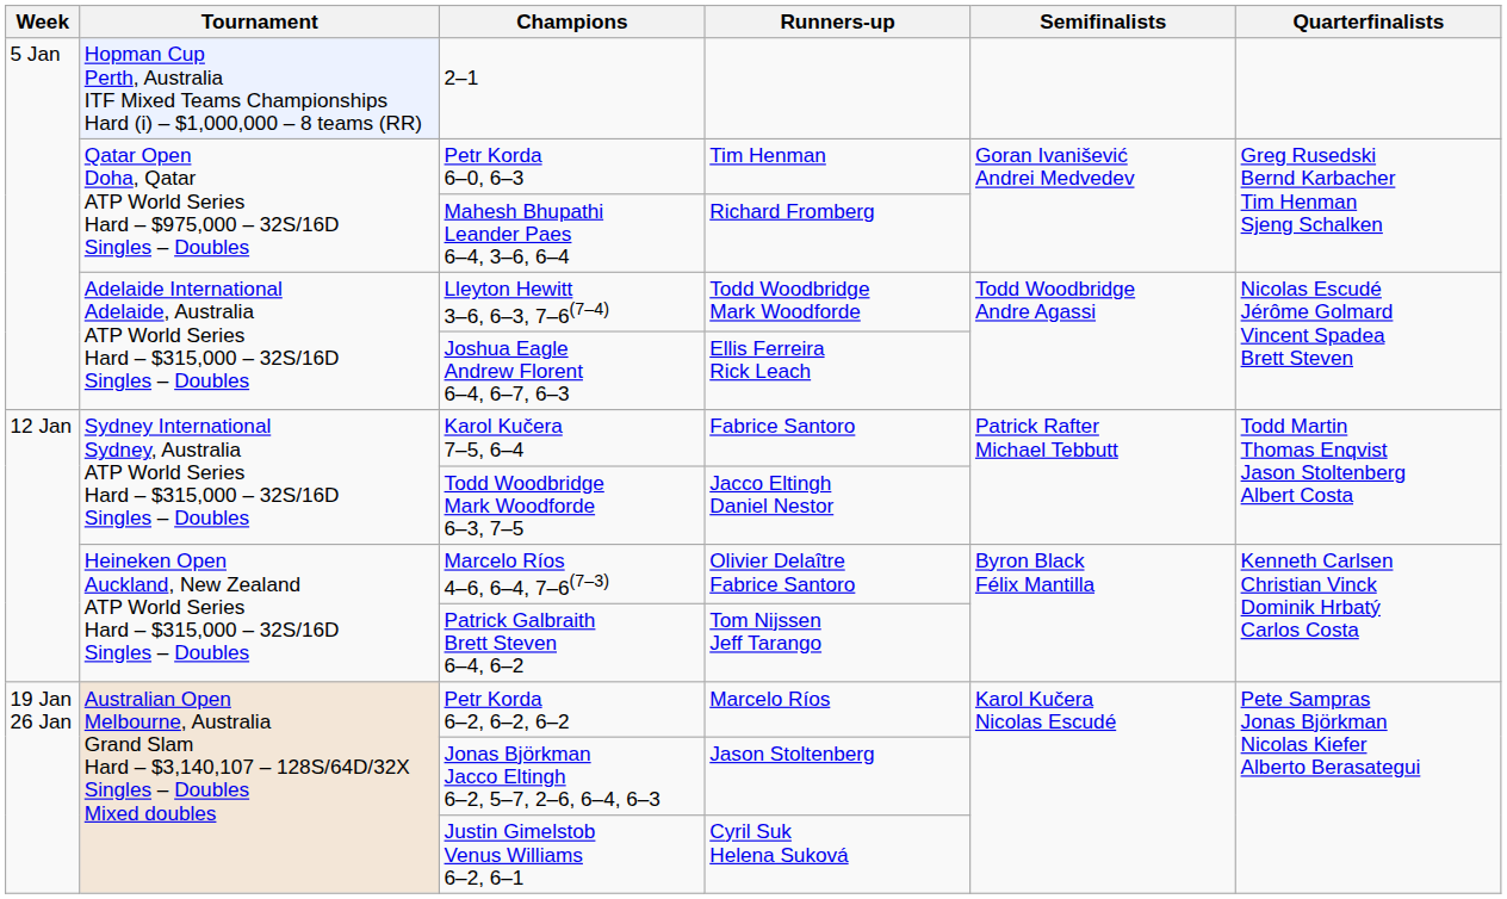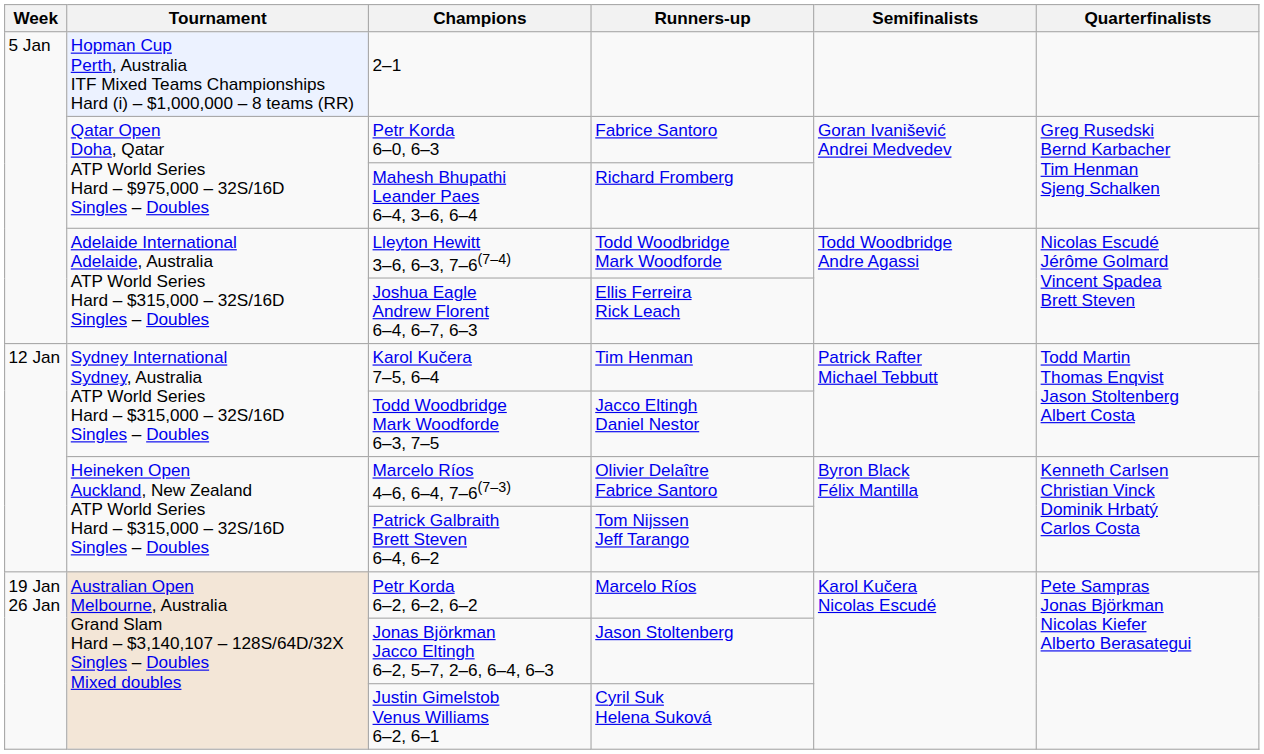 <table class=wikitable style=font-size:95%>
 <tr>
 <th style="width:48px;">Week</th>
 <th style="width:260px;">Tournament</th>
 <th style="width:190px;">Champions</th>
 <th style="width:190px;">Runners-up</th>
 <th style="width:190px;">Semifinalists</th>
 <th style="width:190px;">Quarterfinalists</th>
 </tr>
 <tr valign=top>
 <td rowspan=5>5 Jan</td>
 <td style="background:#ECF2FF;"><a href='#'>Hopman Cup</a><br><a href='#'>Perth</a>, Australia<br>ITF Mixed Teams Championships<br>Hard (i) – $1,000,000 – 8 teams (RR)</td>
 <td><br>2–1</td>
 <td></td>
 <td><br><br></td>
 <td><br><br></td>
 </tr>
 <tr valign=top>
 <td rowspan=2><a href='#'>Qatar Open</a><br><a href='#'>Doha</a>, Qatar<br>ATP World Series<br>Hard – $975,000 – 32S/16D<br><a href='#'>Singles</a> – <a href='#'>Doubles</a></td>
 <td> <a href='#'>Petr Korda</a><br>6–0, 6–3</td>
-<td> <a href='#'>Tim Henman</a></td>
+<td> <a href='#'>Fabrice Santoro</a></td>
 <td rowspan=2> <a href='#'>Goran Ivanišević</a><br> <a href='#'>Andrei Medvedev</a></td>
 <td rowspan=2> <a href='#'>Greg Rusedski</a><br> <a href='#'>Bernd Karbacher</a><br> <a href='#'>Tim Henman</a><br> <a href='#'>Sjeng Schalken</a></td>
 </tr>
 <tr valign=top>
 <td> <a href='#'>Mahesh Bhupathi</a><br> <a href='#'>Leander Paes</a> <br> 6–4, 3–6, 6–4</td>
 <td> <a href='#'>Richard Fromberg</a></td>
 </tr>
 <tr valign=top>
 <td rowspan=2><a href='#'>Adelaide International</a><br><a href='#'>Adelaide</a>, Australia<br>ATP World Series<br>Hard – $315,000 – 32S/16D<br><a href='#'>Singles</a> – <a href='#'>Doubles</a></td>
 <td> <a href='#'>Lleyton Hewitt</a><br>3–6, 6–3, 7–6<sup>(7–4)</sup></td>
 <td> <a href='#'>Todd Woodbridge</a><br> <a href='#'>Mark Woodforde</a></td>
 <td rowspan=2> <a href='#'>Todd Woodbridge</a><br>  <a href='#'>Andre Agassi</a></td>
 <td rowspan=2> <a href='#'>Nicolas Escudé</a><br> <a href='#'>Jérôme Golmard</a><br> <a href='#'>Vincent Spadea</a><br> <a href='#'>Brett Steven</a></td>
 </tr>
 <tr valign=top>
 <td> <a href='#'>Joshua Eagle</a><br> <a href='#'>Andrew Florent</a><br>6–4, 6–7, 6–3</td>
 <td> <a href='#'>Ellis Ferreira</a><br> <a href='#'>Rick Leach</a></td>
 </tr>
 <tr valign=top>
 <td rowspan=4>12 Jan</td>
 <td rowspan=2><a href='#'>Sydney International</a><br><a href='#'>Sydney</a>, Australia<br>ATP World Series<br>Hard – $315,000 – 32S/16D<br><a href='#'>Singles</a> – <a href='#'>Doubles</a></td>
 <td> <a href='#'>Karol Kučera</a><br>7–5, 6–4</td>
-<td> <a href='#'>Fabrice Santoro</a></td>
+<td> <a href='#'>Tim Henman</a></td>
 <td rowspan=2> <a href='#'>Patrick Rafter</a><br> <a href='#'>Michael Tebbutt</a></td>
 <td rowspan=2> <a href='#'>Todd Martin</a><br> <a href='#'>Thomas Enqvist</a><br> <a href='#'>Jason Stoltenberg</a><br> <a href='#'>Albert Costa</a></td>
 </tr>
 <tr valign=top>
 <td> <a href='#'>Todd Woodbridge</a><br> <a href='#'>Mark Woodforde</a> <br> 6–3, 7–5</td>
 <td> <a href='#'>Jacco Eltingh</a><br> <a href='#'>Daniel Nestor</a></td>
 </tr>
 <tr valign=top>
 <td rowspan=2><a href='#'>Heineken Open</a><br> <a href='#'>Auckland</a>, New Zealand<br>ATP World Series<br>Hard – $315,000 – 32S/16D<br><a href='#'>Singles</a> – <a href='#'>Doubles</a></td>
 <td> <a href='#'>Marcelo Ríos</a><br>4–6, 6–4, 7–6<sup>(7–3)</sup></td>
 <td> <a href='#'>Olivier Delaître</a><br> <a href='#'>Fabrice Santoro</a></td>
 <td rowspan=2> <a href='#'>Byron Black</a><br>  <a href='#'>Félix Mantilla</a></td>
 <td rowspan=2> <a href='#'>Kenneth Carlsen</a><br> <a href='#'>Christian Vinck</a><br> <a href='#'>Dominik Hrbatý</a><br> <a href='#'>Carlos Costa</a></td>
 </tr>
 <tr valign=top>
 <td> <a href='#'>Patrick Galbraith</a><br> <a href='#'>Brett Steven</a><br>6–4, 6–2</td>
 <td> <a href='#'>Tom Nijssen</a><br> <a href='#'>Jeff Tarango</a></td>
 </tr>
 <tr valign=top>
 <td rowspan=3>19 Jan<br>26 Jan</td>
 <td style="background:#f3e6d7;" rowspan="3"><a href='#'>Australian Open</a><br> <a href='#'>Melbourne</a>, Australia<br>Grand Slam<br>Hard – $3,140,107 – 128S/64D/32X<br><a href='#'>Singles</a> – <a href='#'>Doubles</a> <br> <a href='#'>Mixed doubles</a></td>
 <td> <a href='#'>Petr Korda</a><br>6–2, 6–2, 6–2</td>
 <td> <a href='#'>Marcelo Ríos</a></td>
 <td rowspan=3> <a href='#'>Karol Kučera</a><br> <a href='#'>Nicolas Escudé</a></td>
 <td rowspan=3> <a href='#'>Pete Sampras</a> <br> <a href='#'>Jonas Björkman</a><br> <a href='#'>Nicolas Kiefer</a><br> <a href='#'>Alberto Berasategui</a></td>
 </tr>
 <tr valign=top>
 <td> <a href='#'>Jonas Björkman</a><br> <a href='#'>Jacco Eltingh</a><br>6–2, 5–7, 2–6, 6–4, 6–3</td>
 <td> <a href='#'>Jason Stoltenberg</a></td>
 </tr>
 <tr valign=top>
 <td> <a href='#'>Justin Gimelstob</a><br> <a href='#'>Venus Williams</a><br>6–2, 6–1</td>
 <td> <a href='#'>Cyril Suk</a><br> <a href='#'>Helena Suková</a></td>
 </tr>
 </table>
